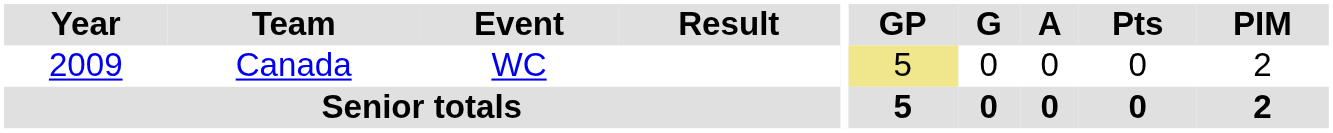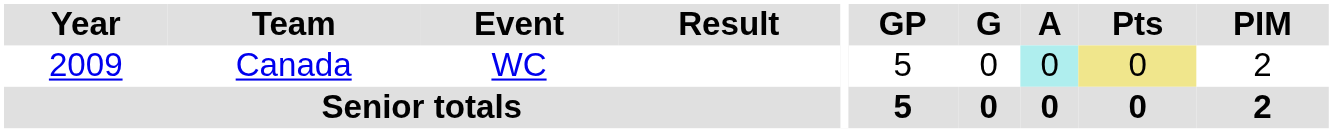 <table border="0" cellpadding="1" cellspacing="0" ID="Table3" style="text-align:center; width:40em">
 <tr ALIGN="centre" bgcolor="#e0e0e0">
 <th>Year</th>
 <th>Team</th>
 <th>Event</th>
 <th>Result</th>
 <th rowspan="99" bgcolor="#ffffff"></th>
 <th>GP</th>
 <th>G</th>
 <th>A</th>
 <th>Pts</th>
 <th>PIM</th>
 </tr>
 <tr>
 <td><a href='#'>2009</a></td>
 <td><a href='#'>Canada</a></td>
 <td><a href='#'>WC</a></td>
 <td></td>
-<td style="background: khaki;">5</td>
+<td>5</td>
 <td>0</td>
-<td>0</td>
-<td>0</td>
+<td style="background: paleturquoise;">0</td>
+<td style="background: khaki;">0</td>
 <td>2</td>
 </tr>
 <tr bgcolor="#e0e0e0">
 <th colspan="4">Senior totals</th>
 <th>5</th>
 <th>0</th>
 <th>0</th>
 <th>0</th>
 <th>2</th>
 </tr>
 </table>
